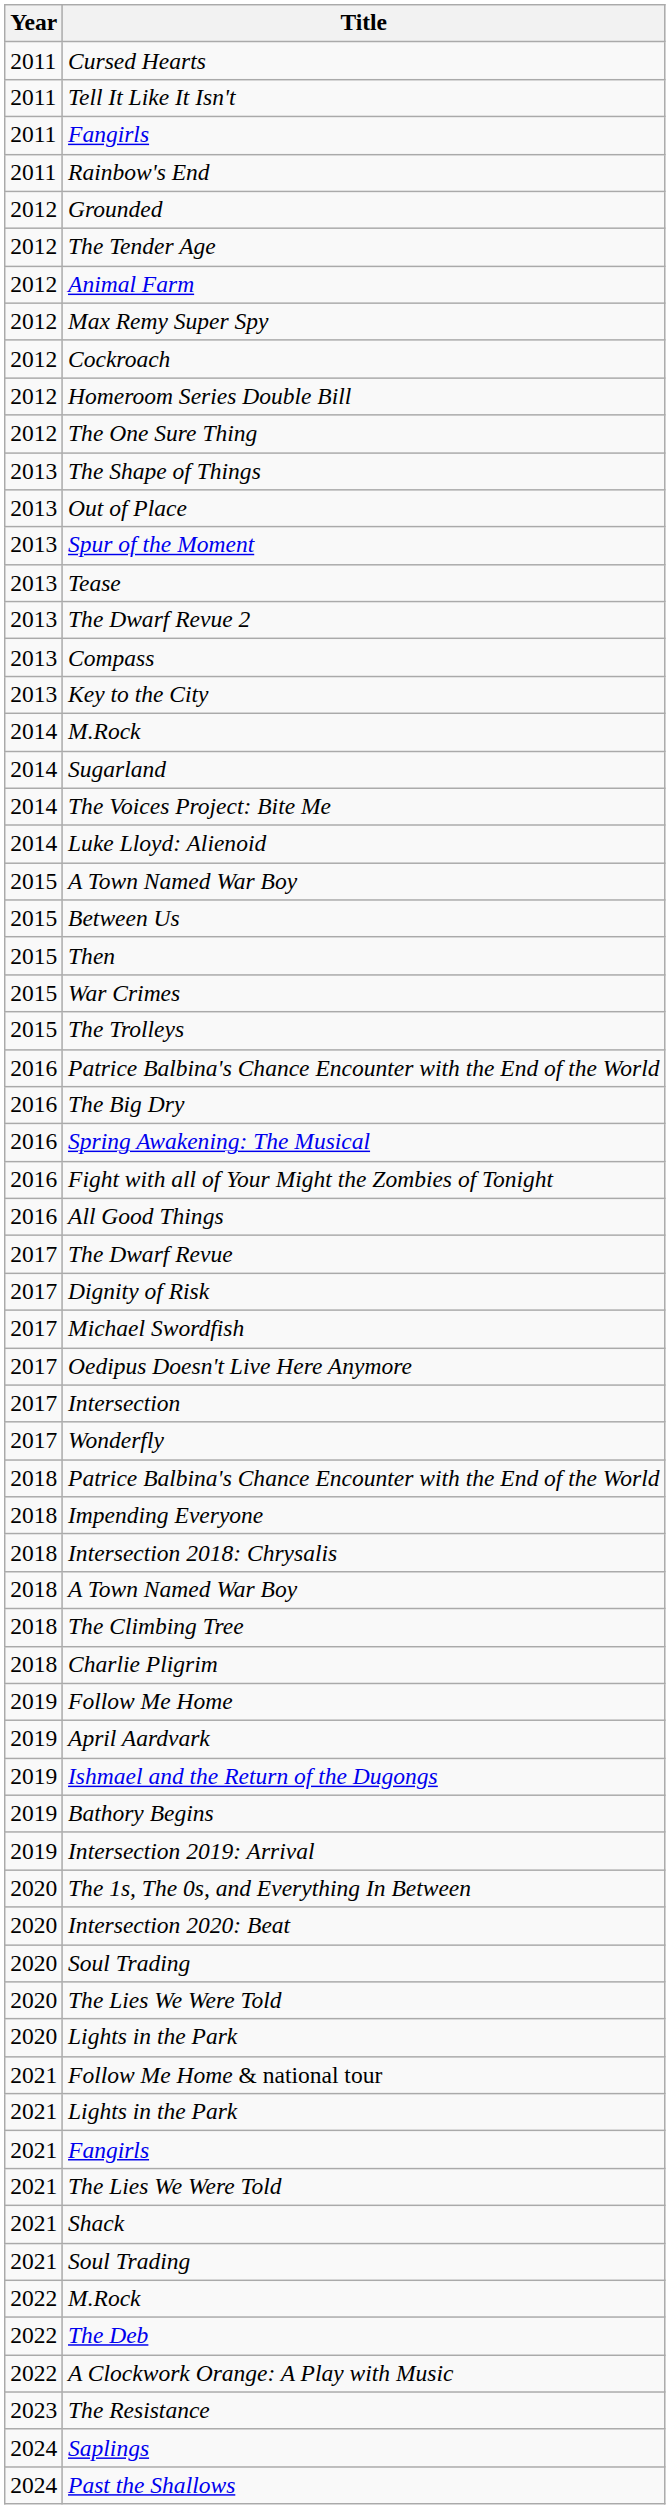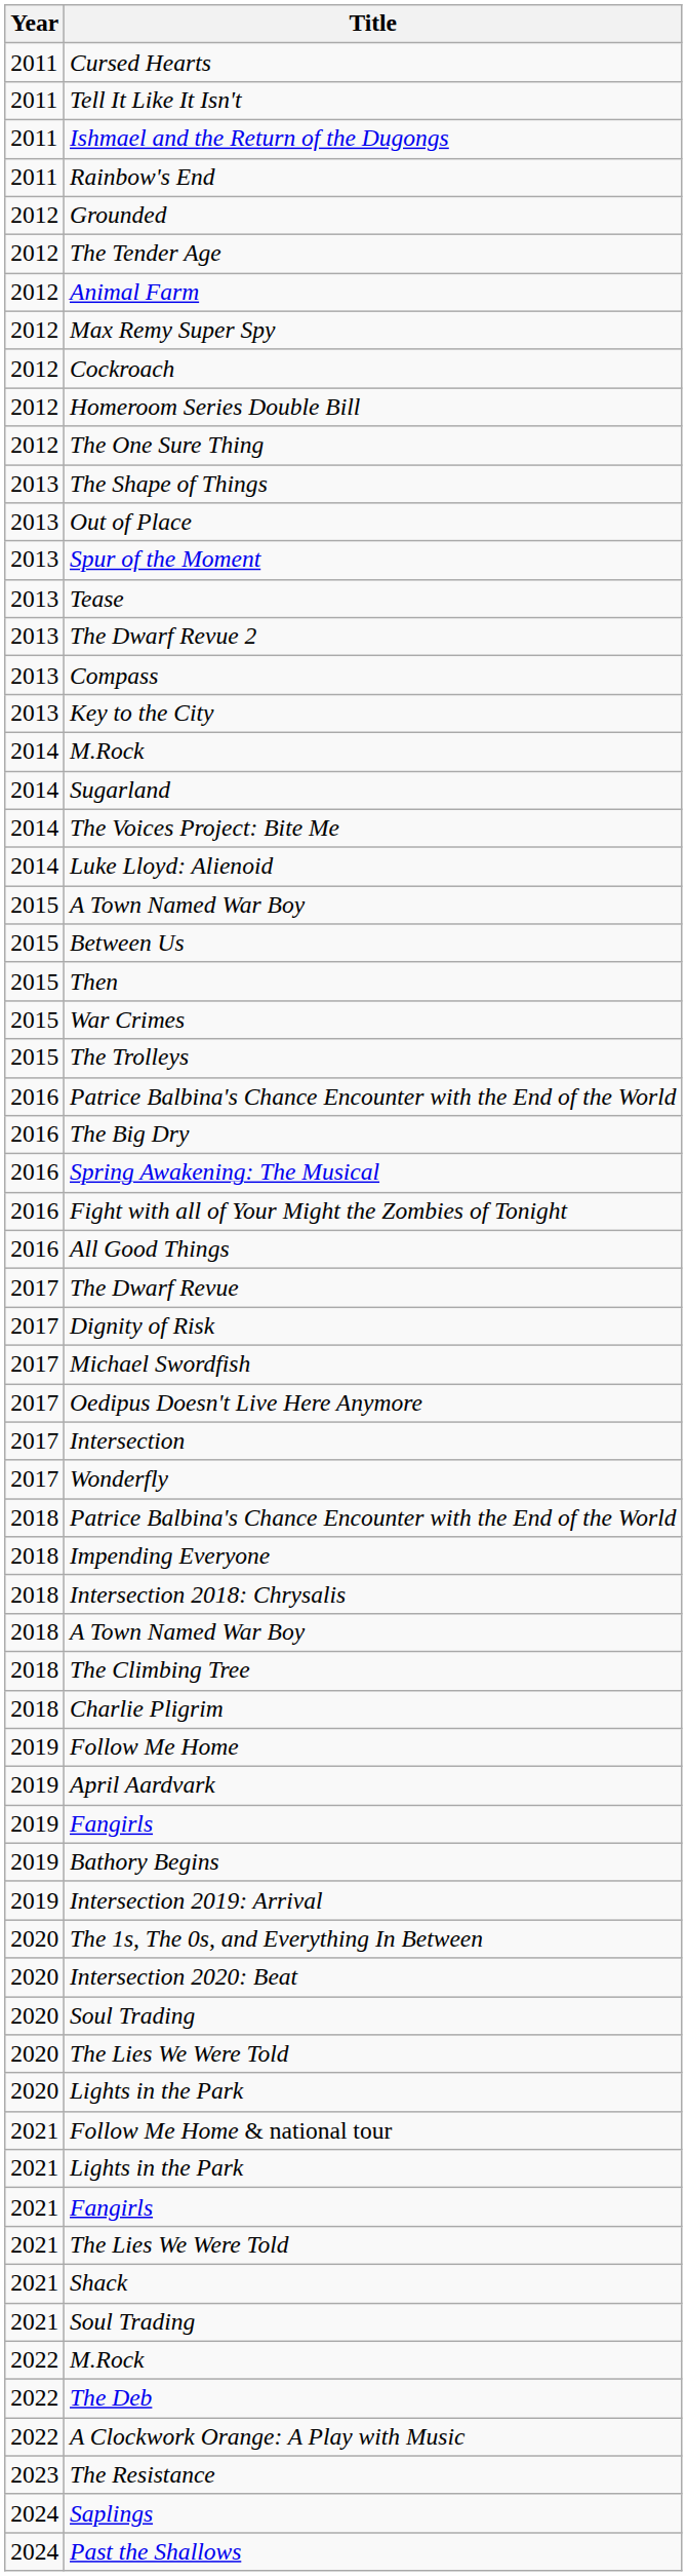 <table class="wikitable">
 <tr>
 <th>Year</th>
 <th>Title</th>
 </tr>
 <tr>
 <td>2011</td>
 <td><em>Cursed Hearts</em></td>
 </tr>
 <tr>
 <td>2011</td>
 <td><em>Tell It Like It Isn't</em></td>
 </tr>
 <tr>
 <td>2011</td>
-<td><em><a href='#'>Fangirls</a></em></td>
+<td><em><a href='#'>Ishmael and the Return of the Dugongs</a></em></td>
 </tr>
 <tr>
 <td>2011</td>
 <td><em>Rainbow's End</em></td>
 </tr>
 <tr>
 <td>2012</td>
 <td><em>Grounded</em></td>
 </tr>
 <tr>
 <td>2012</td>
 <td><em>The Tender Age</em></td>
 </tr>
 <tr>
 <td>2012</td>
 <td><em><a href='#'>Animal Farm</a></em></td>
 </tr>
 <tr>
 <td>2012</td>
 <td><em>Max Remy Super Spy</em></td>
 </tr>
 <tr>
 <td>2012</td>
 <td><em>Cockroach</em></td>
 </tr>
 <tr>
 <td>2012</td>
 <td><em>Homeroom Series Double Bill</em></td>
 </tr>
 <tr>
 <td>2012</td>
 <td><em>The One Sure Thing</em></td>
 </tr>
 <tr>
 <td>2013</td>
 <td><em>The Shape of Things</em></td>
 </tr>
 <tr>
 <td>2013</td>
 <td><em>Out of Place</em></td>
 </tr>
 <tr>
 <td>2013</td>
 <td><em><a href='#'>Spur of the Moment</a></em></td>
 </tr>
 <tr>
 <td>2013</td>
 <td><em>Tease</em></td>
 </tr>
 <tr>
 <td>2013</td>
 <td><em>The Dwarf Revue 2</em></td>
 </tr>
 <tr>
 <td>2013</td>
 <td><em>Compass</em></td>
 </tr>
 <tr>
 <td>2013</td>
 <td><em>Key to the City</em></td>
 </tr>
 <tr>
 <td>2014</td>
 <td><em>M.Rock</em></td>
 </tr>
 <tr>
 <td>2014</td>
 <td><em>Sugarland</em></td>
 </tr>
 <tr>
 <td>2014</td>
 <td><em>The Voices Project: Bite Me</em></td>
 </tr>
 <tr>
 <td>2014</td>
 <td><em>Luke Lloyd: Alienoid</em></td>
 </tr>
 <tr>
 <td>2015</td>
 <td><em>A Town Named War Boy</em></td>
 </tr>
 <tr>
 <td>2015</td>
 <td><em>Between Us</em></td>
 </tr>
 <tr>
 <td>2015</td>
 <td><em>Then</em></td>
 </tr>
 <tr>
 <td>2015</td>
 <td><em>War Crimes</em></td>
 </tr>
 <tr>
 <td>2015</td>
 <td><em>The Trolleys</em></td>
 </tr>
 <tr>
 <td>2016</td>
 <td><em>Patrice Balbina's Chance Encounter with the End of the World</em></td>
 </tr>
 <tr>
 <td>2016</td>
 <td><em>The Big Dry</em></td>
 </tr>
 <tr>
 <td>2016</td>
 <td><em><a href='#'>Spring Awakening: The Musical</a></em></td>
 </tr>
 <tr>
 <td>2016</td>
 <td><em>Fight with all of Your Might the Zombies of Tonight</em></td>
 </tr>
 <tr>
 <td>2016</td>
 <td><em>All Good Things</em></td>
 </tr>
 <tr>
 <td>2017</td>
 <td><em>The Dwarf Revue</em></td>
 </tr>
 <tr>
 <td>2017</td>
 <td><em>Dignity of Risk</em></td>
 </tr>
 <tr>
 <td>2017</td>
 <td><em>Michael Swordfish</em></td>
 </tr>
 <tr>
 <td>2017</td>
 <td><em>Oedipus Doesn't Live Here Anymore</em></td>
 </tr>
 <tr>
 <td>2017</td>
 <td><em>Intersection</em></td>
 </tr>
 <tr>
 <td>2017</td>
 <td><em>Wonderfly</em></td>
 </tr>
 <tr>
 <td>2018</td>
 <td><em>Patrice Balbina's Chance Encounter with the End of the World</em></td>
 </tr>
 <tr>
 <td>2018</td>
 <td><em>Impending Everyone</em></td>
 </tr>
 <tr>
 <td>2018</td>
 <td><em>Intersection 2018: Chrysalis</em></td>
 </tr>
 <tr>
 <td>2018</td>
 <td><em>A Town Named War Boy</em></td>
 </tr>
 <tr>
 <td>2018</td>
 <td><em>The Climbing Tree</em></td>
 </tr>
 <tr>
 <td>2018</td>
 <td><em>Charlie Pligrim</em></td>
 </tr>
 <tr>
 <td>2019</td>
 <td><em>Follow Me Home</em></td>
 </tr>
 <tr>
 <td>2019</td>
 <td><em>April Aardvark</em></td>
 </tr>
 <tr>
 <td>2019</td>
-<td><em><a href='#'>Ishmael and the Return of the Dugongs</a></em></td>
+<td><em><a href='#'>Fangirls</a></em></td>
 </tr>
 <tr>
 <td>2019</td>
 <td><em>Bathory Begins</em></td>
 </tr>
 <tr>
 <td>2019</td>
 <td><em>Intersection 2019: Arrival</em></td>
 </tr>
 <tr>
 <td>2020</td>
 <td><em>The 1s, The 0s, and Everything In Between</em></td>
 </tr>
 <tr>
 <td>2020</td>
 <td><em>Intersection 2020: Beat</em></td>
 </tr>
 <tr>
 <td>2020</td>
 <td><em>Soul Trading</em></td>
 </tr>
 <tr>
 <td>2020</td>
 <td><em>The Lies We Were Told</em></td>
 </tr>
 <tr>
 <td>2020</td>
 <td><em>Lights in the Park</em></td>
 </tr>
 <tr>
 <td>2021</td>
 <td><em>Follow Me Home</em> & national tour</td>
 </tr>
 <tr>
 <td>2021</td>
 <td><em>Lights in the Park</em></td>
 </tr>
 <tr>
 <td>2021</td>
 <td><em><a href='#'>Fangirls</a></em></td>
 </tr>
 <tr>
 <td>2021</td>
 <td><em>The Lies We Were Told</em></td>
 </tr>
 <tr>
 <td>2021</td>
 <td><em>Shack</em></td>
 </tr>
 <tr>
 <td>2021</td>
 <td><em>Soul Trading</em></td>
 </tr>
 <tr>
 <td>2022</td>
 <td><em>M.Rock</em></td>
 </tr>
 <tr>
 <td>2022</td>
 <td><em><a href='#'>The Deb</a></em></td>
 </tr>
 <tr>
 <td>2022</td>
 <td><em>A Clockwork Orange: A Play with Music</em></td>
 </tr>
 <tr>
 <td>2023</td>
 <td><em>The Resistance</em></td>
 </tr>
 <tr>
 <td>2024</td>
 <td><em><a href='#'>Saplings</a></em></td>
 </tr>
 <tr>
 <td>2024</td>
 <td><em><a href='#'>Past the Shallows</a></em></td>
 </tr>
 </table>
